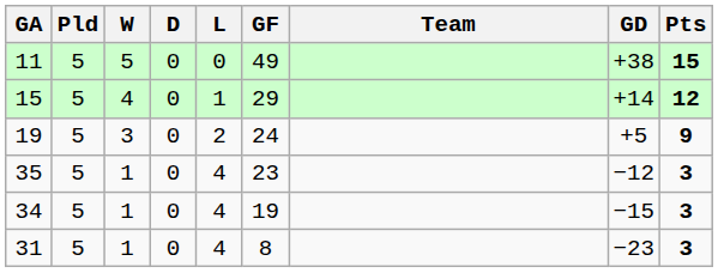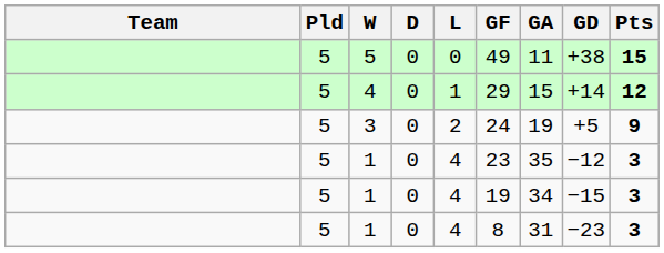 <table class="wikitable" style="text-align: center;">
 <tr>
-<th width="20">GA</th>
+<th width="175">Team</th>
 <th width="20">Pld</th>
 <th width="20">W</th>
 <th width="20">D</th>
 <th width="20">L</th>
 <th width="20">GF</th>
-<th width="175">Team</th>
+<th width="20">GA</th>
 <th width="20">GD</th>
 <th width="20">Pts</th>
 </tr>
 <tr bgcolor=#ccffcc>
-<td>11</td>
+<td align=left></td>
 <td>5</td>
 <td>5</td>
 <td>0</td>
 <td>0</td>
 <td>49</td>
-<td align=left></td>
+<td>11</td>
 <td>+38</td>
 <td><strong>15</strong></td>
 </tr>
 <tr bgcolor=#ccffcc>
-<td>15</td>
+<td align=left></td>
 <td>5</td>
 <td>4</td>
 <td>0</td>
 <td>1</td>
 <td>29</td>
-<td align=left></td>
+<td>15</td>
 <td>+14</td>
 <td><strong>12</strong></td>
 </tr>
 <tr>
-<td>19</td>
+<td align=left></td>
 <td>5</td>
 <td>3</td>
 <td>0</td>
 <td>2</td>
 <td>24</td>
-<td align=left></td>
+<td>19</td>
 <td>+5</td>
 <td><strong>9</strong></td>
 </tr>
 <tr>
-<td>35</td>
+<td align=left></td>
 <td>5</td>
 <td>1</td>
 <td>0</td>
 <td>4</td>
 <td>23</td>
-<td align=left></td>
+<td>35</td>
 <td>−12</td>
 <td><strong>3</strong></td>
 </tr>
 <tr>
-<td>34</td>
+<td align=left></td>
 <td>5</td>
 <td>1</td>
 <td>0</td>
 <td>4</td>
 <td>19</td>
-<td align=left></td>
+<td>34</td>
 <td>−15</td>
 <td><strong>3</strong></td>
 </tr>
 <tr>
-<td>31</td>
+<td align=left></td>
 <td>5</td>
 <td>1</td>
 <td>0</td>
 <td>4</td>
 <td>8</td>
-<td align=left></td>
+<td>31</td>
 <td>−23</td>
 <td><strong>3</strong></td>
 </tr>
 </table>
